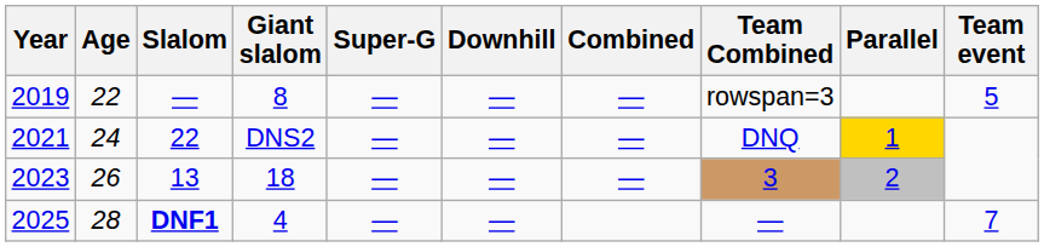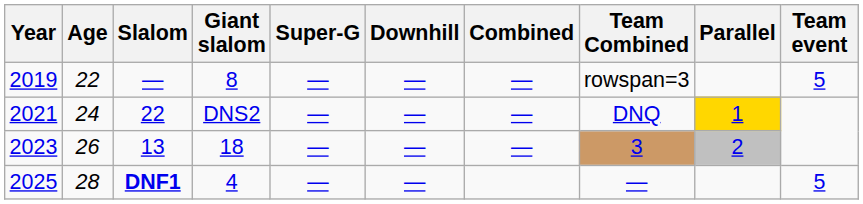 <table class=wikitable style="text-align:center">
 <tr>
 <th>Year</th>
 <th>Age</th>
 <th>Slalom</th>
 <th>Giant<br>slalom</th>
 <th>Super-G</th>
 <th>Downhill</th>
 <th>Combined</th>
 <th>Team<br>Combined</th>
 <th>Parallel</th>
 <th>Team<br> event </th>
 </tr>
 <tr>
 <td><a href='#'>2019</a></td>
 <td><em>22</em></td>
 <td><a href='#'>—</a></td>
 <td><a href='#'>8</a></td>
 <td><a href='#'>—</a></td>
 <td><a href='#'>—</a></td>
 <td><a href='#'>—</a></td>
 <td>rowspan=3</td>
 <td></td>
 <td><a href='#'>5</a></td>
 </tr>
 <tr>
 <td><a href='#'>2021</a></td>
 <td><em>24</em></td>
 <td><a href='#'>22</a></td>
 <td><a href='#'>DNS2</a></td>
 <td><a href='#'>—</a></td>
 <td><a href='#'>—</a></td>
 <td><a href='#'>—</a></td>
 <td><a href='#'>DNQ</a></td>
 <td style="background:gold;"><a href='#'>1</a></td>
 </tr>
 <tr>
 <td><a href='#'>2023</a></td>
 <td><em>26</em></td>
 <td><a href='#'>13</a></td>
 <td><a href='#'>18</a></td>
 <td><a href='#'>—</a></td>
 <td><a href='#'>—</a></td>
 <td><a href='#'>—</a></td>
 <td bgcolor=cc9966><a href='#'>3</a></td>
 <td style="background:silver;"><a href='#'>2</a></td>
 </tr>
 <tr>
 <td><a href='#'>2025</a></td>
 <td><em>28</em></td>
 <td><strong><a href='#'>DNF1</a></strong></td>
 <td><a href='#'>4</a></td>
 <td><a href='#'>—</a></td>
 <td><a href='#'>—</a></td>
 <td></td>
 <td><a href='#'>—</a></td>
 <td></td>
-<td><a href='#'>7</a></td>
+<td><a href='#'>5</a></td>
 </tr>
 </table>
